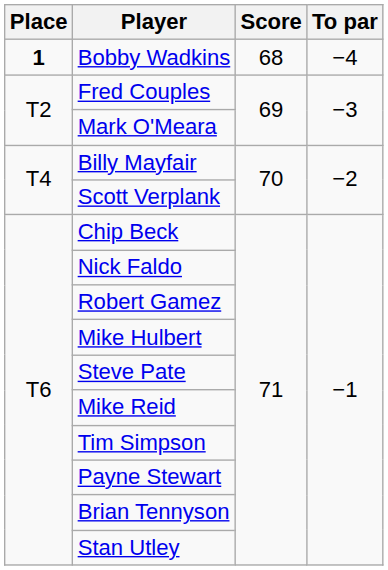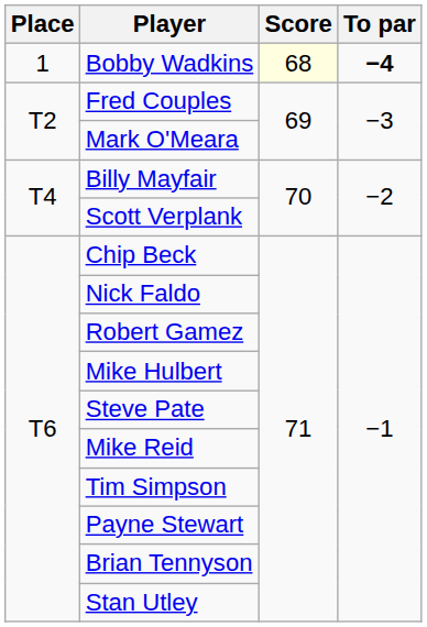 <table class="wikitable">
 <tr>
 <th>Place</th>
 <th>Player</th>
 <th>Score</th>
 <th>To par</th>
 </tr>
 <tr>
-<td align=center><strong>1</strong></td>
+<td align=center>1</td>
 <td> <a href='#'>Bobby Wadkins</a></td>
-<td align=center>68</td>
-<td align=center>−4</td>
+<td align=center style="background: lightyellow;">68</td>
+<td align=center><strong>−4</strong></td>
 </tr>
 <tr>
 <td rowspan="2" align=center>T2</td>
 <td> <a href='#'>Fred Couples</a></td>
 <td rowspan="2" align=center>69</td>
 <td rowspan="2" align=center>−3</td>
 </tr>
 <tr>
 <td> <a href='#'>Mark O'Meara</a></td>
 </tr>
 <tr>
 <td rowspan="2" align=center>T4</td>
 <td> <a href='#'>Billy Mayfair</a></td>
 <td rowspan="2" align=center>70</td>
 <td rowspan="2" align=center>−2</td>
 </tr>
 <tr>
 <td> <a href='#'>Scott Verplank</a></td>
 </tr>
 <tr>
 <td rowspan="10" align=center>T6</td>
 <td> <a href='#'>Chip Beck</a></td>
 <td rowspan="10" align=center>71</td>
 <td rowspan="10" align=center>−1</td>
 </tr>
 <tr>
 <td> <a href='#'>Nick Faldo</a></td>
 </tr>
 <tr>
 <td> <a href='#'>Robert Gamez</a></td>
 </tr>
 <tr>
 <td> <a href='#'>Mike Hulbert</a></td>
 </tr>
 <tr>
 <td> <a href='#'>Steve Pate</a></td>
 </tr>
 <tr>
 <td> <a href='#'>Mike Reid</a></td>
 </tr>
 <tr>
 <td> <a href='#'>Tim Simpson</a></td>
 </tr>
 <tr>
 <td> <a href='#'>Payne Stewart</a></td>
 </tr>
 <tr>
 <td> <a href='#'>Brian Tennyson</a></td>
 </tr>
 <tr>
 <td> <a href='#'>Stan Utley</a></td>
 </tr>
 </table>
